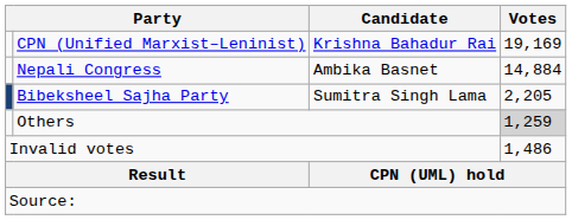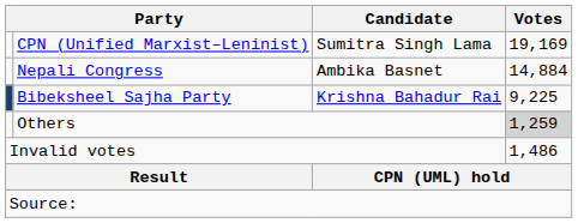 <table class="wikitable">
 <tr>
 <th colspan="2">Party</th>
 <th>Candidate</th>
 <th>Votes</th>
 </tr>
 <tr>
 <td style="background-color:"></td>
 <td><a href='#'>CPN (Unified Marxist–Leninist)</a></td>
-<td><a href='#'>Krishna Bahadur Rai</a></td>
+<td>Sumitra Singh Lama</td>
 <td>19,169</td>
 </tr>
 <tr>
 <td style="background-color:"></td>
 <td><a href='#'>Nepali Congress</a></td>
 <td>Ambika Basnet</td>
 <td>14,884</td>
 </tr>
 <tr>
 <td style="background-color:#183F73"></td>
 <td><a href='#'>Bibeksheel Sajha Party</a></td>
-<td>Sumitra Singh Lama</td>
-<td>2,205</td>
+<td><a href='#'>Krishna Bahadur Rai</a></td>
+<td>9,225</td>
 </tr>
 <tr>
 <td></td>
 <td colspan="2">Others</td>
 <td style="background: lightgrey;">1,259</td>
 </tr>
 <tr>
 <td colspan="3">Invalid votes</td>
 <td>1,486</td>
 </tr>
 <tr>
 <th colspan="2">Result</th>
 <th colspan="2">CPN (UML) hold</th>
 </tr>
 <tr>
 <td colspan="4">Source: </td>
 </tr>
 </table>
